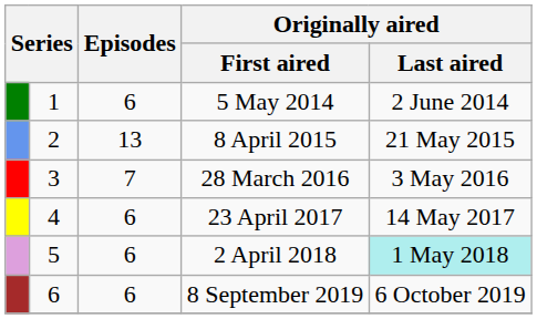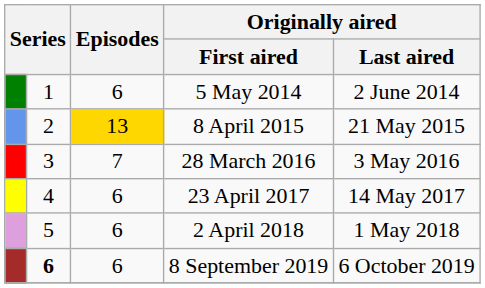 <table class="wikitable" style="text-align:center;">
 <tr>
 <th colspan=2 rowspan=2>Series</th>
 <th rowspan=2>Episodes</th>
 <th colspan=2>Originally aired</th>
 </tr>
 <tr>
 <th>First aired</th>
 <th>Last aired</th>
 </tr>
 <tr>
 <td style="background:green;"></td>
 <td>1</td>
 <td>6</td>
 <td>5 May 2014</td>
 <td>2 June 2014</td>
 </tr>
 <tr>
 <td style="background:Cornflowerblue;"></td>
 <td>2</td>
-<td>13</td>
+<td style="background: gold;">13</td>
 <td>8 April 2015</td>
 <td>21 May 2015</td>
 </tr>
 <tr>
 <td style="background:red;"></td>
 <td>3</td>
 <td>7</td>
 <td>28 March 2016</td>
 <td>3 May 2016</td>
 </tr>
 <tr>
 <td style="background:yellow;"></td>
 <td>4</td>
 <td>6</td>
 <td>23 April 2017</td>
 <td>14 May 2017</td>
 </tr>
 <tr>
 <td style="background:plum;"></td>
 <td>5</td>
 <td>6</td>
 <td>2 April 2018</td>
-<td style="background: paleturquoise;">1 May 2018</td>
+<td>1 May 2018</td>
 </tr>
 <tr>
 <td style="background:brown;"></td>
-<td>6</td>
+<td><strong>6</strong></td>
 <td>6</td>
 <td>8 September 2019</td>
 <td>6 October 2019</td>
 </tr>
 <tr>
 </tr>
 </table>
